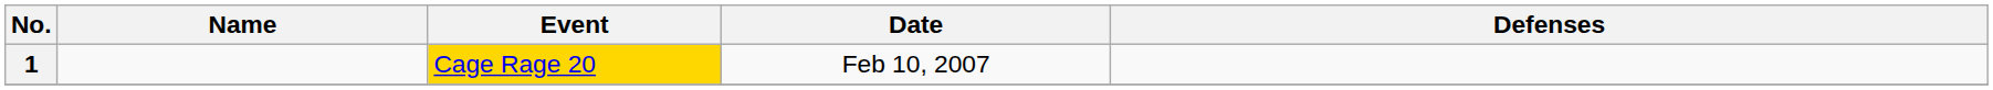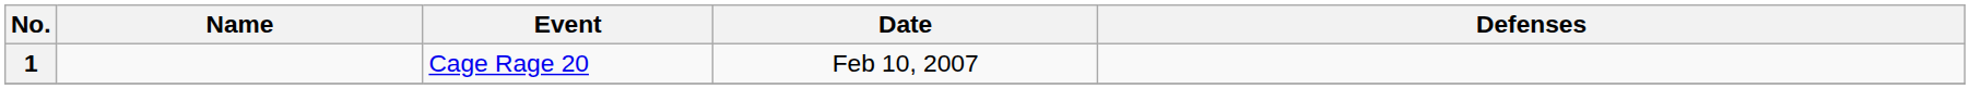 <table class="wikitable" width=100%>
 <tr>
 <th width=1%>No.</th>
 <th width=19%>Name</th>
 <th width=15%>Event</th>
 <th width=20%>Date</th>
 <th width=45%>Defenses</th>
 </tr>
 <tr>
 <th>1</th>
 <td> <br></td>
-<td style="background: gold;"><a href='#'>Cage Rage 20</a> <br></td>
+<td><a href='#'>Cage Rage 20</a> <br></td>
 <td align=center>Feb 10, 2007</td>
 <td></td>
 </tr>
 <tr>
 </tr>
 </table>
